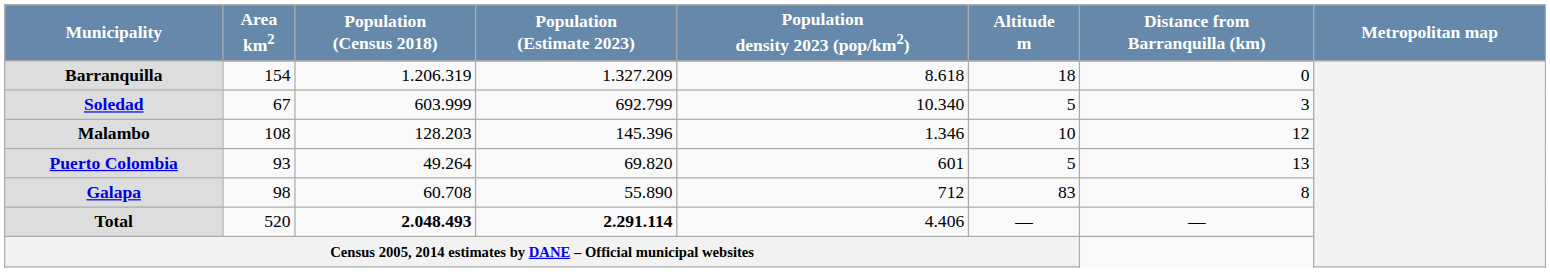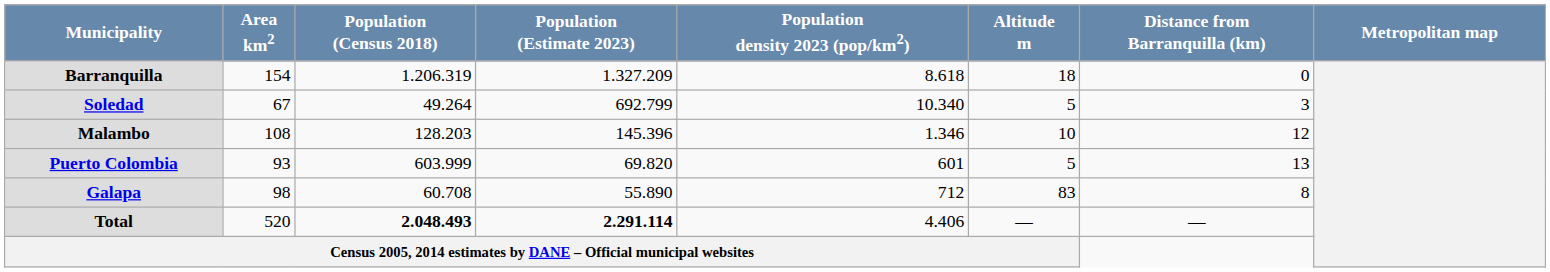 <table class="wikitable" align="center" style="font-size:90%;width:100%;border:0px;text-align:center;line-height:120%">
 <tr bgcolor=silver>
 <th style="background: #6688AA; color: white;">Municipality</th>
 <th style="background: #6688AA; color: white;">Area<br>km<sup>2</sup></th>
 <th style="background: #6688AA; color: white;">Population<br>(Census 2018)</th>
 <th style="background: #6688AA; color: white;">Population<br>(Estimate 2023)</th>
 <th style="background: #6688AA; color: white;">Population<br>density 2023 (pop/km<sup>2</sup>)</th>
 <th style="background: #6688AA; color: white;">Altitude<br>m</th>
 <th style="background: #6688AA; color: white;">Distance from<br>Barranquilla (km)</th>
 <th style="background: #6688AA; color: white;">Metropolitan map</th>
 </tr>
 <tr>
 <td style="background: #DDDDDD;"><strong>Barranquilla</strong></td>
 <td align="right">154</td>
 <td align="right">1.206.319</td>
 <td align="right">1.327.209</td>
 <td align="right">8.618</td>
 <td align="right">18</td>
 <td align="right">0</td>
 <th rowspan=7></th>
 </tr>
 <tr>
 <td style="background: #DDDDDD;"><strong><a href='#'>Soledad</a></strong></td>
 <td align="right">67</td>
-<td align="right">603.999</td>
+<td align="right">49.264</td>
 <td align="right">692.799</td>
 <td align="right">10.340</td>
 <td align="right">5</td>
 <td align="right">3</td>
 </tr>
 <tr>
 <td style="background: #DDDDDD;"><strong>Malambo</strong></td>
 <td align="right">108</td>
 <td align="right">128.203</td>
 <td align="right">145.396</td>
 <td align="right">1.346</td>
 <td align="right">10</td>
 <td align="right">12</td>
 </tr>
 <tr>
 <td style="background: #DDDDDD;"><strong><a href='#'>Puerto Colombia</a></strong></td>
 <td align="right">93</td>
-<td align="right">49.264</td>
+<td align="right">603.999</td>
 <td align="right">69.820</td>
 <td align="right">601</td>
 <td align="right">5</td>
 <td align="right">13</td>
 </tr>
 <tr>
 <td style="background: #DDDDDD;"><strong><a href='#'>Galapa</a></strong></td>
 <td align="right">98</td>
 <td align="right">60.708</td>
 <td align="right">55.890</td>
 <td align="right">712</td>
 <td align="right">83</td>
 <td align="right">8</td>
 </tr>
 <tr>
 <td style="background: #DDDDDD;"><strong>Total</strong></td>
 <td align="right">520</td>
 <td align="right"><strong>2.048.493</strong></td>
 <td align="right"><strong>2.291.114</strong></td>
 <td align="right">4.406</td>
 <td align="center">—</td>
 <td align="center">—</td>
 </tr>
 <tr>
 <th colspan=6><small>Census 2005, 2014 estimates by <a href='#'>DANE</a> – Official municipal websites</small></th>
 </tr>
 </table>
